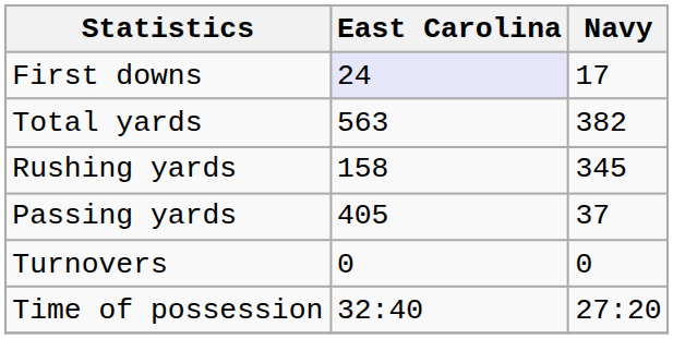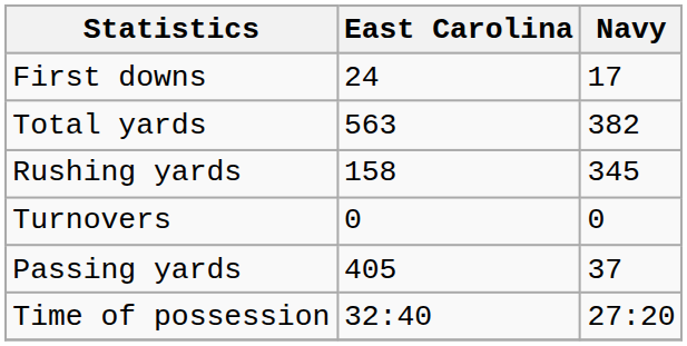 <table class="wikitable">
 <tr>
 <th>Statistics</th>
 <th>East Carolina</th>
 <th>Navy</th>
 </tr>
 <tr>
 <td>First downs</td>
-<td style="background: lavender;">24</td>
+<td>24</td>
 <td>17</td>
 </tr>
 <tr>
 <td>Total yards</td>
 <td>563</td>
 <td>382</td>
 </tr>
 <tr>
 <td>Rushing yards</td>
 <td>158</td>
 <td>345</td>
 </tr>
 <tr>
+<td>Turnovers</td>
+<td>0</td>
+<td>0</td>
+</tr>
+<tr>
 <td>Passing yards</td>
 <td>405</td>
 <td>37</td>
-</tr>
-<tr>
-<td>Turnovers</td>
-<td>0</td>
-<td>0</td>
 </tr>
 <tr>
 <td>Time of possession</td>
 <td>32:40</td>
 <td>27:20</td>
 </tr>
 <tr>
 </tr>
 </table>
